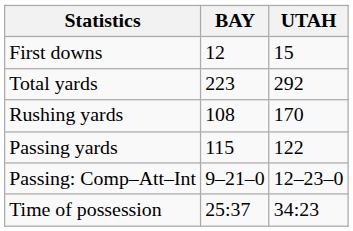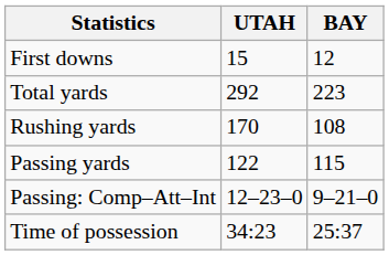 <table class="wikitable" style="float: left;">
 <tr>
 <th>Statistics</th>
+<th>UTAH</th>
 <th>BAY</th>
-<th>UTAH</th>
 </tr>
 <tr>
 <td>First downs</td>
+<td>15</td>
 <td>12</td>
-<td>15</td>
 </tr>
 <tr>
 <td>Total yards</td>
+<td>292</td>
 <td>223</td>
-<td>292</td>
 </tr>
 <tr>
 <td>Rushing yards</td>
+<td>170</td>
 <td>108</td>
-<td>170</td>
 </tr>
 <tr>
 <td>Passing yards</td>
+<td>122</td>
 <td>115</td>
-<td>122</td>
 </tr>
 <tr>
 <td>Passing: Comp–Att–Int</td>
+<td>12–23–0</td>
 <td>9–21–0</td>
-<td>12–23–0</td>
 </tr>
 <tr>
 <td>Time of possession</td>
+<td>34:23</td>
 <td>25:37</td>
-<td>34:23</td>
 </tr>
 </table>
